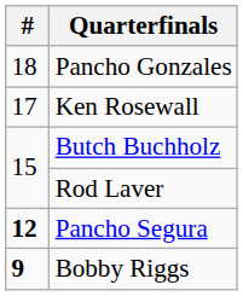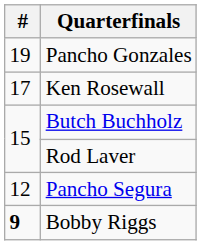 <table class=wikitable style="display:inline-table;">
 <tr>
 <th width=20>#</th>
 <th>Quarterfinals</th>
 </tr>
 <tr>
-<td>18</td>
+<td>19</td>
 <td> Pancho Gonzales</td>
 </tr>
 <tr>
 <td>17</td>
 <td> Ken Rosewall</td>
 </tr>
 <tr>
 <td rowspan="2">15</td>
 <td> <a href='#'>Butch Buchholz</a></td>
 </tr>
 <tr>
 <td> Rod Laver</td>
 </tr>
 <tr>
-<td><strong>12</strong></td>
+<td>12</td>
 <td> <a href='#'>Pancho Segura</a></td>
 </tr>
 <tr>
 <td><strong>9</strong></td>
 <td> Bobby Riggs</td>
 </tr>
 </table>
